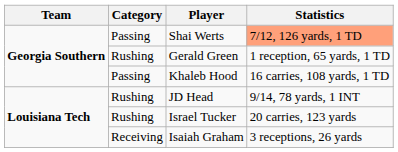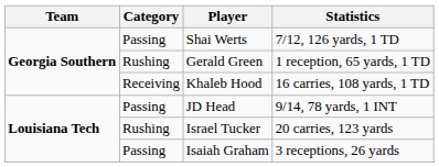 <table class="wikitable" style="float: left;">
 <tr>
 <th>Team</th>
 <th>Category</th>
 <th>Player</th>
 <th>Statistics</th>
 </tr>
 <tr>
 <td rowspan=3><strong>Georgia Southern</strong></td>
 <td>Passing</td>
 <td>Shai Werts</td>
-<td style="background: lightsalmon;">7/12, 126 yards, 1 TD</td>
+<td>7/12, 126 yards, 1 TD</td>
 </tr>
 <tr>
 <td>Rushing</td>
 <td>Gerald Green</td>
 <td>1 reception, 65 yards, 1 TD</td>
 </tr>
 <tr>
-<td>Passing</td>
+<td>Receiving</td>
 <td>Khaleb Hood</td>
 <td>16 carries, 108 yards, 1 TD</td>
 </tr>
 <tr>
 <td rowspan=3><strong>Louisiana Tech</strong></td>
-<td>Rushing</td>
+<td>Passing</td>
 <td>JD Head</td>
 <td>9/14, 78 yards, 1 INT</td>
 </tr>
 <tr>
 <td>Rushing</td>
 <td>Israel Tucker</td>
 <td>20 carries, 123 yards</td>
 </tr>
 <tr>
-<td>Receiving</td>
+<td>Passing</td>
 <td>Isaiah Graham</td>
 <td>3 receptions, 26 yards</td>
 </tr>
 </table>
